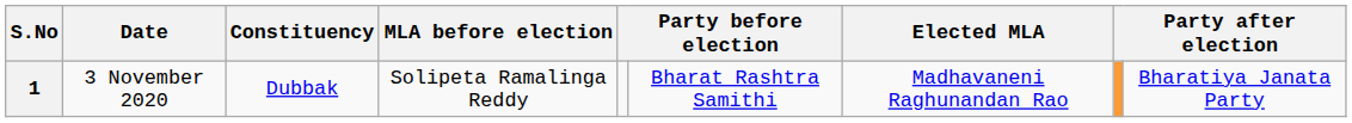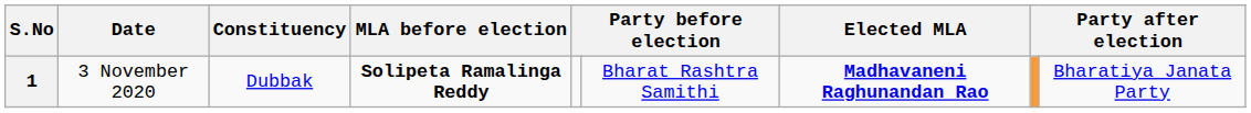 <table class="wikitable sortable" style="text-align:center;">
 <tr>
 <th>S.No</th>
 <th>Date</th>
 <th>Constituency</th>
 <th>MLA before election</th>
 <th colspan="2">Party before election</th>
 <th>Elected MLA</th>
 <th colspan="2">Party after election</th>
 </tr>
 <tr>
 <th>1</th>
 <td>3 November 2020</td>
 <td><a href='#'>Dubbak</a></td>
-<td>Solipeta Ramalinga Reddy</td>
+<td><strong>Solipeta Ramalinga Reddy</strong></td>
 <td></td>
 <td><a href='#'>Bharat Rashtra Samithi</a></td>
-<td><a href='#'>Madhavaneni Raghunandan Rao</a></td>
+<td><strong><a href='#'>Madhavaneni Raghunandan Rao</a></strong></td>
 <td bgcolor=#FF9933></td>
 <td><a href='#'>Bharatiya Janata Party</a></td>
 </tr>
 </table>
